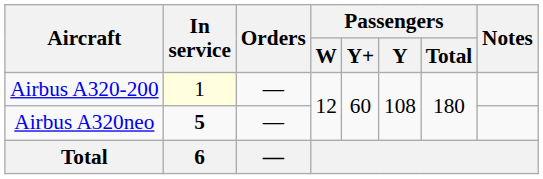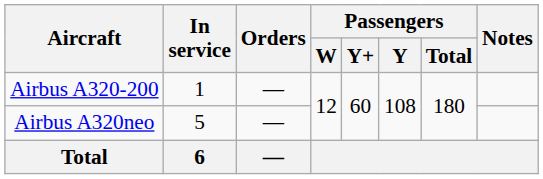 <table class="wikitable" style="margin:0.5em auto; text-align:center">
 <tr>
 <th rowspan=2>Aircraft</th>
 <th rowspan=2>In <br> service</th>
 <th rowspan=2>Orders</th>
 <th colspan=4>Passengers</th>
 <th rowspan=2>Notes</th>
 </tr>
 <tr>
 <th><abbr>W</abbr></th>
 <th><abbr>Y+</abbr></th>
 <th><abbr>Y</abbr></th>
 <th>Total</th>
 </tr>
 <tr>
 <td><a href='#'>Airbus A320-200</a></td>
-<td style="background: lightyellow;">1</td>
+<td>1</td>
 <td>—</td>
 <td rowspan=2>12</td>
 <td rowspan=2>60</td>
 <td rowspan=2>108</td>
 <td rowspan=2>180</td>
 <td></td>
 </tr>
 <tr>
 <td><a href='#'>Airbus A320neo</a></td>
-<td><strong>5</strong></td>
+<td>5</td>
 <td>—</td>
 <td></td>
 </tr>
 <tr>
 <th>Total</th>
 <th>6</th>
 <th>—</th>
 <th colspan=5></th>
 </tr>
 </table>
